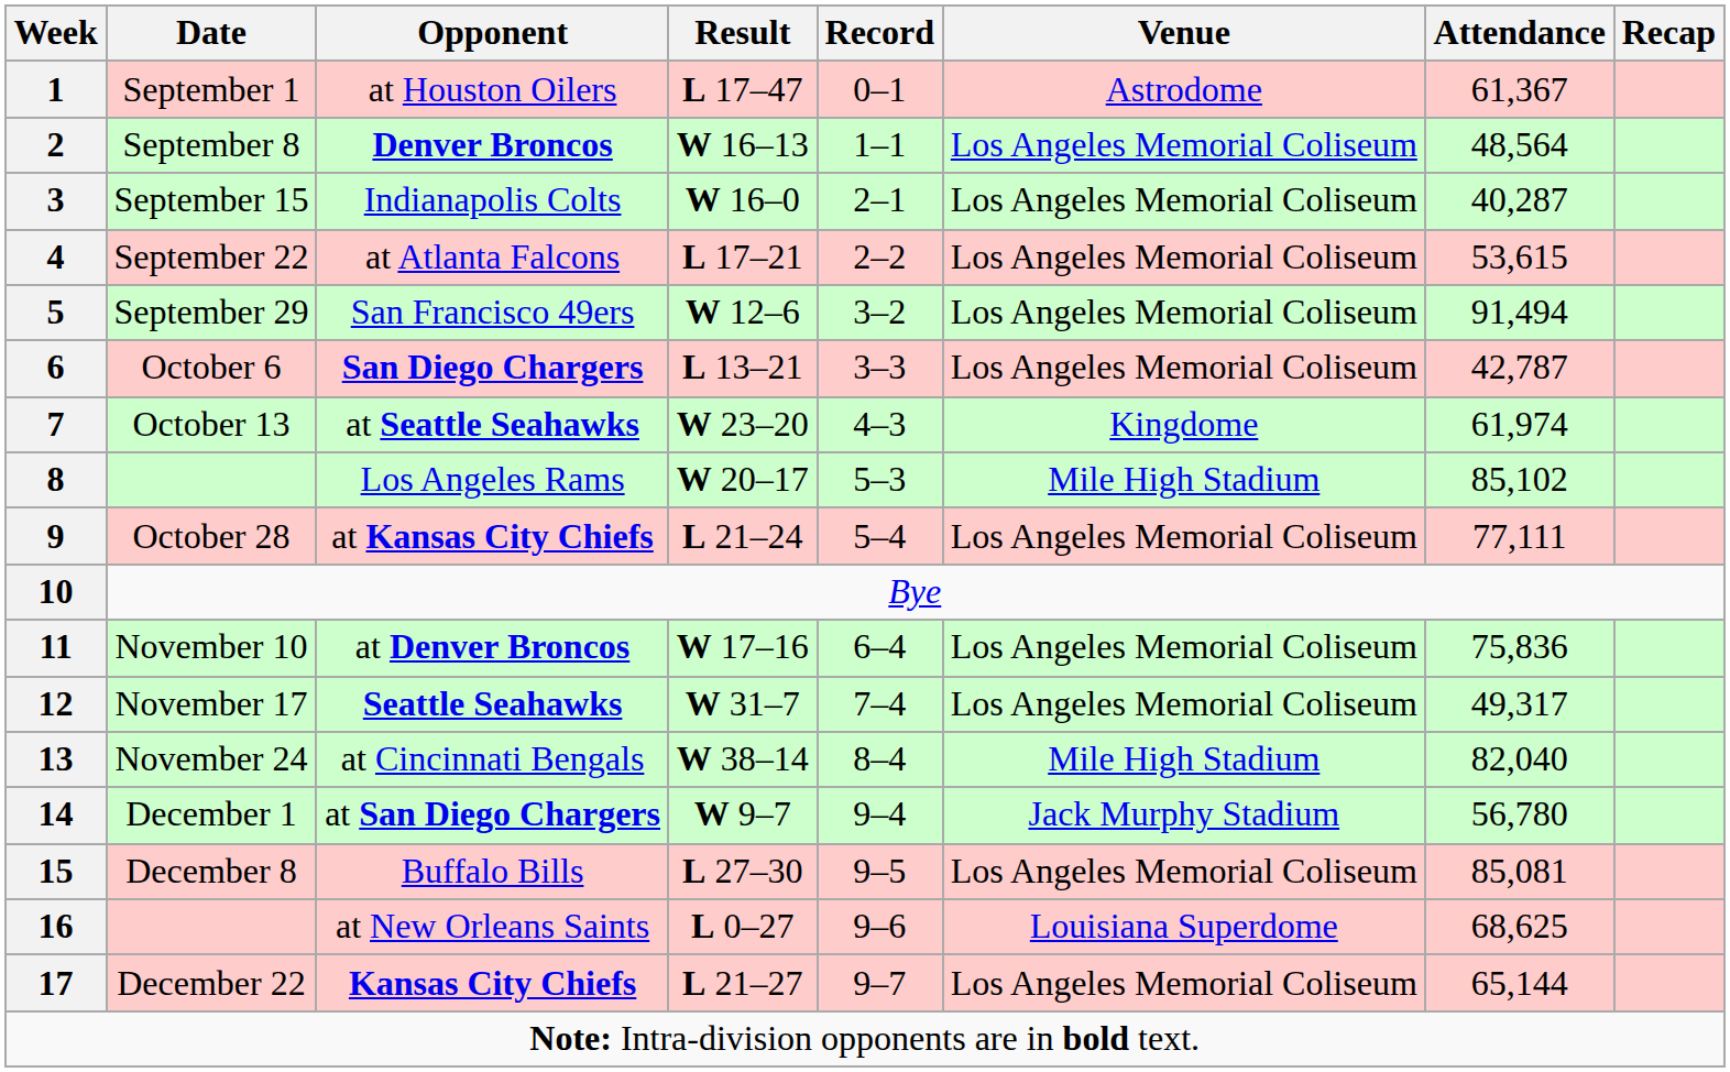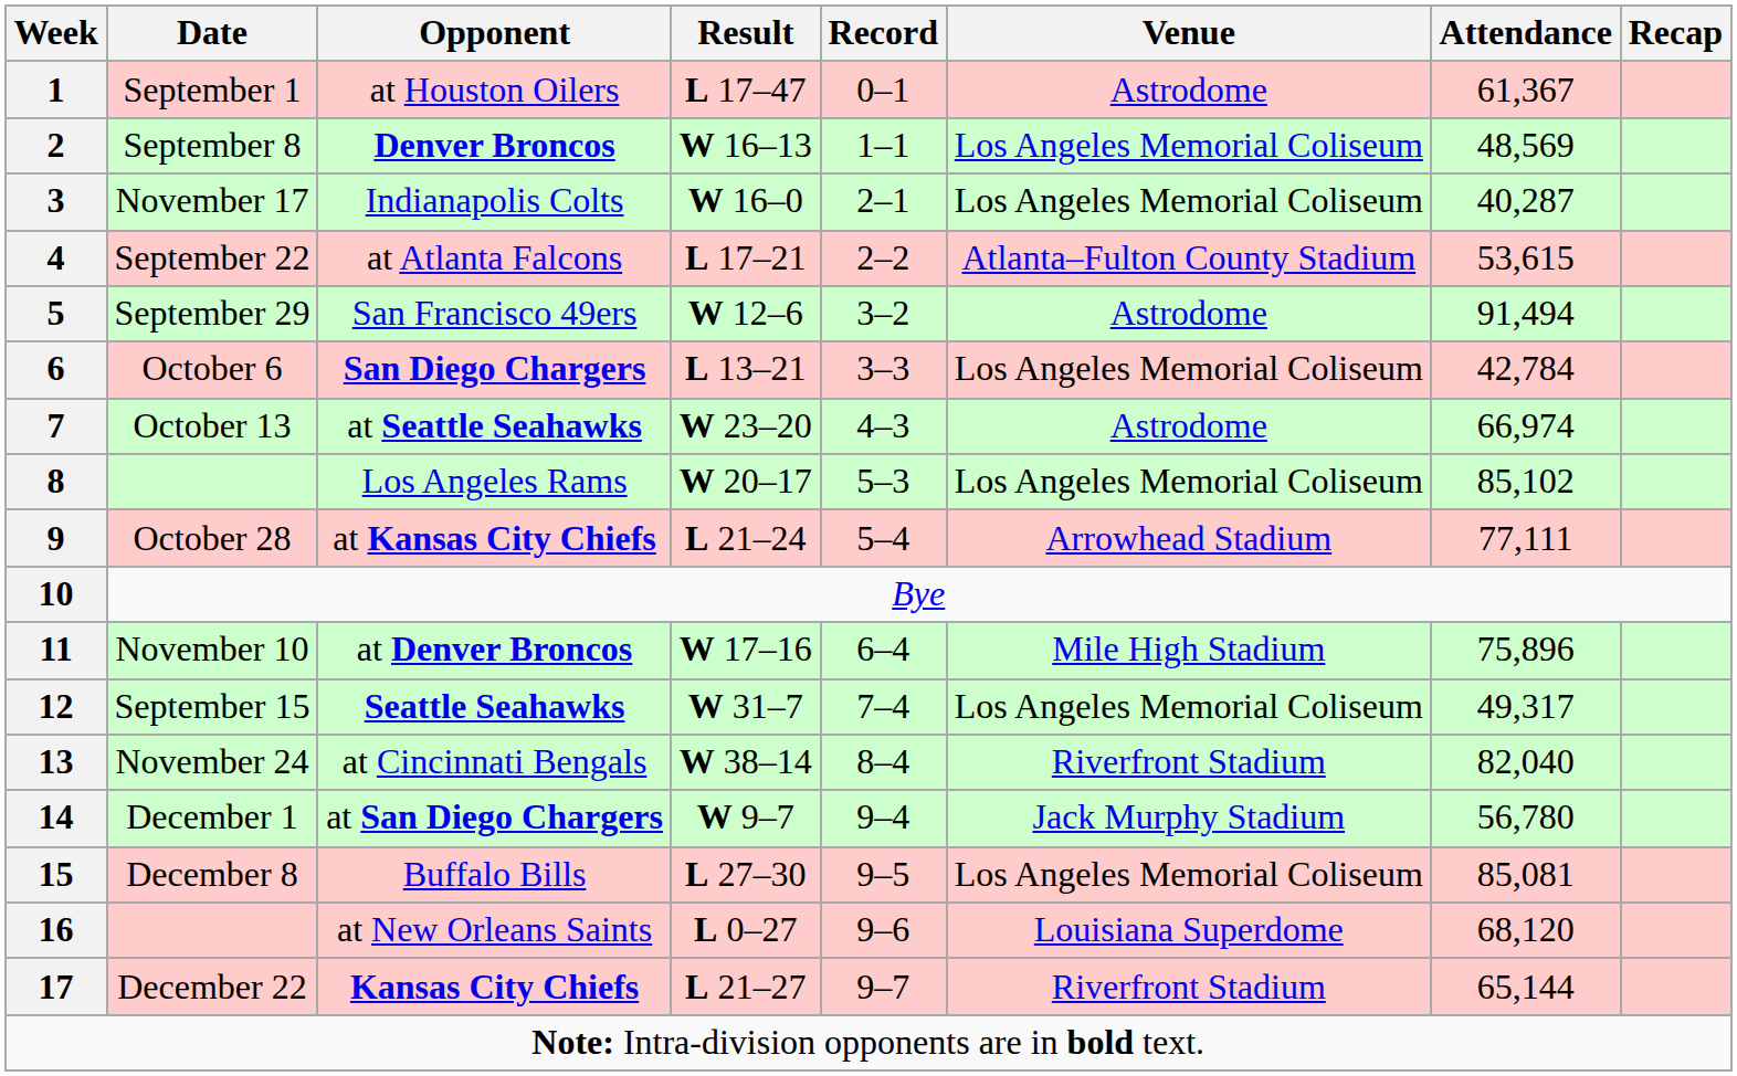 <table class="wikitable" style="text-align:center">
 <tr>
 <th>Week</th>
 <th>Date</th>
 <th>Opponent</th>
 <th>Result</th>
 <th>Record</th>
 <th>Venue</th>
 <th>Attendance</th>
 <th>Recap</th>
 </tr>
 <tr style="background:#fcc">
 <th>1</th>
 <td>September 1</td>
 <td>at <a href='#'>Houston Oilers</a></td>
 <td><strong>L</strong> 17–47</td>
 <td>0–1</td>
 <td><a href='#'>Astrodome</a></td>
 <td>61,367</td>
 <td></td>
 </tr>
 <tr style="background:#cfc">
 <th>2</th>
 <td>September 8</td>
 <td><strong><a href='#'>Denver Broncos</a></strong></td>
 <td><strong>W</strong> 16–13</td>
 <td>1–1</td>
 <td><a href='#'>Los Angeles Memorial Coliseum</a></td>
-<td>48,564</td>
+<td>48,569</td>
 <td></td>
 </tr>
 <tr style="background:#cfc">
 <th>3</th>
-<td>September 15</td>
+<td>November 17</td>
 <td><a href='#'>Indianapolis Colts</a></td>
 <td><strong>W</strong> 16–0</td>
 <td>2–1</td>
 <td>Los Angeles Memorial Coliseum</td>
 <td>40,287</td>
 <td></td>
 </tr>
 <tr style="background:#fcc">
 <th>4</th>
 <td>September 22</td>
 <td>at <a href='#'>Atlanta Falcons</a></td>
 <td><strong>L</strong> 17–21</td>
 <td>2–2</td>
-<td>Los Angeles Memorial Coliseum</td>
+<td><a href='#'>Atlanta–Fulton County Stadium</a></td>
 <td>53,615</td>
 <td></td>
 </tr>
 <tr style="background:#cfc">
 <th>5</th>
 <td>September 29</td>
 <td><a href='#'>San Francisco 49ers</a></td>
 <td><strong>W</strong> 12–6</td>
 <td>3–2</td>
-<td>Los Angeles Memorial Coliseum</td>
+<td><a href='#'>Astrodome</a></td>
 <td>91,494</td>
 <td></td>
 </tr>
 <tr style="background:#fcc">
 <th>6</th>
 <td>October 6</td>
 <td><strong><a href='#'>San Diego Chargers</a></strong></td>
 <td><strong>L</strong> 13–21</td>
 <td>3–3</td>
 <td>Los Angeles Memorial Coliseum</td>
-<td>42,787</td>
+<td>42,784</td>
 <td></td>
 </tr>
 <tr style="background:#cfc">
 <th>7</th>
 <td>October 13</td>
 <td>at <strong><a href='#'>Seattle Seahawks</a></strong></td>
 <td><strong>W</strong> 23–20 </td>
 <td>4–3</td>
-<td><a href='#'>Kingdome</a></td>
-<td>61,974</td>
+<td><a href='#'>Astrodome</a></td>
+<td>66,974</td>
 <td></td>
 </tr>
 <tr style="background:#cfc">
 <th>8</th>
 <td></td>
 <td><a href='#'>Los Angeles Rams</a></td>
 <td><strong>W</strong> 20–17</td>
 <td>5–3</td>
-<td><a href='#'>Mile High Stadium</a></td>
+<td>Los Angeles Memorial Coliseum</td>
 <td>85,102</td>
 <td></td>
 </tr>
 <tr style="background:#fcc">
 <th>9</th>
 <td>October 28</td>
 <td>at <strong><a href='#'>Kansas City Chiefs</a></strong></td>
 <td><strong>L</strong> 21–24</td>
 <td>5–4</td>
-<td>Los Angeles Memorial Coliseum</td>
+<td><a href='#'>Arrowhead Stadium</a></td>
 <td>77,111</td>
 <td></td>
 </tr>
 <tr>
 <th>10</th>
 <td colspan="7"><em><a href='#'>Bye</a></em></td>
 </tr>
 <tr style="background:#cfc">
 <th>11</th>
 <td>November 10</td>
 <td>at <strong><a href='#'>Denver Broncos</a></strong></td>
 <td><strong>W</strong> 17–16</td>
 <td>6–4</td>
-<td>Los Angeles Memorial Coliseum</td>
-<td>75,836</td>
+<td><a href='#'>Mile High Stadium</a></td>
+<td>75,896</td>
 <td></td>
 </tr>
 <tr style="background:#cfc">
 <th>12</th>
-<td>November 17</td>
+<td>September 15</td>
 <td><strong><a href='#'>Seattle Seahawks</a></strong></td>
 <td><strong>W</strong> 31–7</td>
 <td>7–4</td>
 <td>Los Angeles Memorial Coliseum</td>
 <td>49,317</td>
 <td></td>
 </tr>
 <tr style="background:#cfc">
 <th>13</th>
 <td>November 24</td>
 <td>at <a href='#'>Cincinnati Bengals</a></td>
 <td><strong>W</strong> 38–14</td>
 <td>8–4</td>
-<td><a href='#'>Mile High Stadium</a></td>
+<td><a href='#'>Riverfront Stadium</a></td>
 <td>82,040</td>
 <td></td>
 </tr>
 <tr style="background:#cfc">
 <th>14</th>
 <td>December 1</td>
 <td>at <strong><a href='#'>San Diego Chargers</a></strong></td>
 <td><strong>W</strong> 9–7</td>
 <td>9–4</td>
 <td><a href='#'>Jack Murphy Stadium</a></td>
 <td>56,780</td>
 <td></td>
 </tr>
 <tr style="background:#fcc">
 <th>15</th>
 <td>December 8</td>
 <td><a href='#'>Buffalo Bills</a></td>
 <td><strong>L</strong> 27–30 </td>
 <td>9–5</td>
 <td>Los Angeles Memorial Coliseum</td>
 <td>85,081</td>
 <td></td>
 </tr>
 <tr style="background:#fcc">
 <th>16</th>
 <td></td>
 <td>at <a href='#'>New Orleans Saints</a></td>
 <td><strong>L</strong> 0–27</td>
 <td>9–6</td>
 <td><a href='#'>Louisiana Superdome</a></td>
-<td>68,625</td>
+<td>68,120</td>
 <td></td>
 </tr>
 <tr style="background:#fcc">
 <th>17</th>
 <td>December 22</td>
 <td><strong><a href='#'>Kansas City Chiefs</a></strong></td>
 <td><strong>L</strong> 21–27</td>
 <td>9–7</td>
-<td>Los Angeles Memorial Coliseum</td>
+<td><a href='#'>Riverfront Stadium</a></td>
 <td>65,144</td>
 <td></td>
 </tr>
 <tr>
 <td colspan="8"><strong>Note:</strong> Intra-division opponents are in <strong>bold</strong> text.</td>
 </tr>
 </table>
